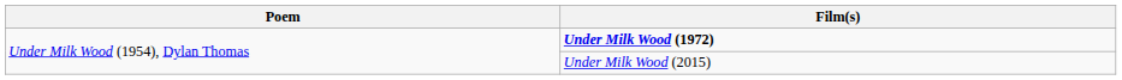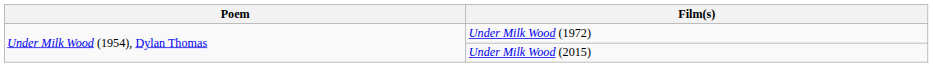 <table class="wikitable">
 <tr>
 <th width="600">Poem</th>
 <th width="600">Film(s)</th>
 </tr>
 <tr>
 <td rowspan="2"><em><a href='#'>Under Milk Wood</a></em> (1954), <a href='#'>Dylan Thomas</a></td>
-<td><strong><em><a href='#'>Under Milk Wood</a></em> (1972)</strong></td>
+<td><em><a href='#'>Under Milk Wood</a></em> (1972)</td>
 </tr>
 <tr>
 <td><em><a href='#'>Under Milk Wood</a></em> (2015)</td>
 </tr>
 </table>
